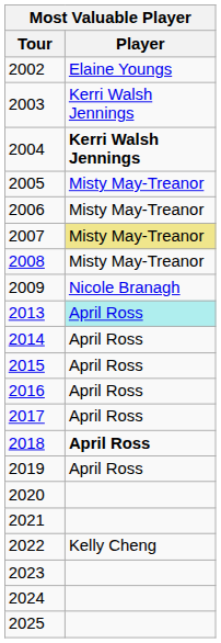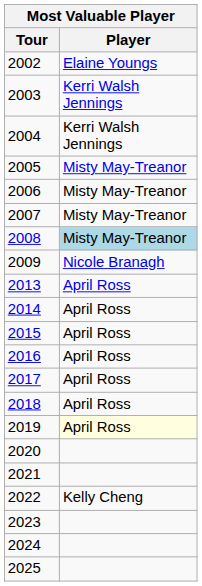 <table class="wikitable" style="margin:0.5em auto;width=480;font-size:100%">
 <tr>
 <th width=200 colspan=2>Most Valuable Player</th>
 </tr>
 <tr>
 <th width=30>Tour</th>
 <th width=100>Player</th>
 </tr>
 <tr>
 <td>2002</td>
 <td><a href='#'>Elaine Youngs</a></td>
 </tr>
 <tr>
 <td>2003</td>
 <td><a href='#'>Kerri Walsh Jennings</a></td>
 </tr>
 <tr>
 <td>2004</td>
-<td><strong>Kerri Walsh Jennings</strong></td>
+<td>Kerri Walsh Jennings</td>
 </tr>
 <tr>
 <td>2005</td>
 <td><a href='#'>Misty May-Treanor</a></td>
 </tr>
 <tr>
 <td>2006</td>
 <td>Misty May-Treanor</td>
 </tr>
 <tr>
 <td>2007</td>
-<td style="background: khaki;">Misty May-Treanor</td>
+<td>Misty May-Treanor</td>
 </tr>
 <tr>
 <td><a href='#'>2008</a></td>
-<td>Misty May-Treanor</td>
+<td style="background: lightblue;">Misty May-Treanor</td>
 </tr>
 <tr>
 <td>2009</td>
 <td><a href='#'>Nicole Branagh</a></td>
 </tr>
 <tr>
 <td><a href='#'>2013</a></td>
-<td style="background: paleturquoise;"><a href='#'>April Ross</a></td>
+<td><a href='#'>April Ross</a></td>
 </tr>
 <tr>
 <td><a href='#'>2014</a></td>
 <td>April Ross</td>
 </tr>
 <tr>
 <td><a href='#'>2015</a></td>
 <td>April Ross</td>
 </tr>
 <tr>
 <td><a href='#'>2016</a></td>
 <td>April Ross</td>
 </tr>
 <tr>
 <td><a href='#'>2017</a></td>
 <td>April Ross</td>
 </tr>
 <tr>
 <td><a href='#'>2018</a></td>
-<td><strong>April Ross</strong></td>
+<td>April Ross</td>
 </tr>
 <tr>
 <td 2019 AVP Pro Beach Volleyball Tour>2019</td>
-<td>April Ross</td>
+<td style="background: lightyellow;">April Ross</td>
 </tr>
 <tr>
 <td>2020</td>
 <td></td>
 </tr>
 <tr>
 <td>2021</td>
 <td></td>
 </tr>
 <tr>
 <td>2022</td>
 <td>Kelly Cheng</td>
 </tr>
 <tr>
 <td>2023</td>
 <td></td>
 </tr>
 <tr>
 <td>2024</td>
 <td></td>
 </tr>
 <tr>
 <td>2025</td>
 <td></td>
 </tr>
 </table>
